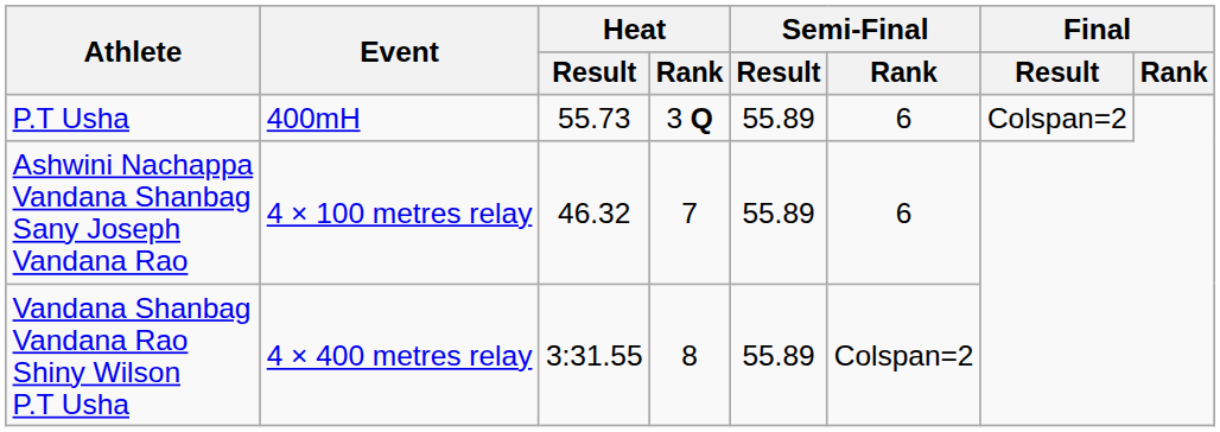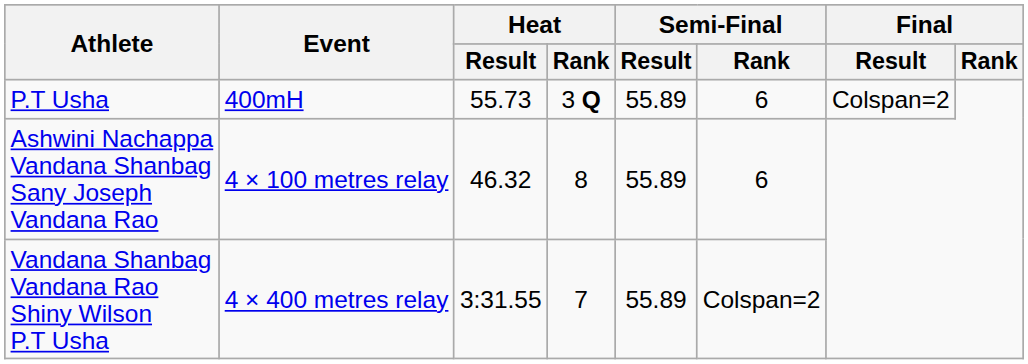 <table class="wikitable" style="font-size:90%">
 <tr>
 <th rowspan="2">Athlete</th>
 <th rowspan="2">Event</th>
 <th colspan="2">Heat</th>
 <th colspan="2">Semi-Final</th>
 <th colspan="2">Final</th>
 </tr>
 <tr style="font-size:95%">
 <th>Result</th>
 <th>Rank</th>
 <th>Result</th>
 <th>Rank</th>
 <th>Result</th>
 <th>Rank</th>
 </tr>
 <tr style="text-align:center">
 <td style="text-align:left"><a href='#'>P.T Usha</a></td>
 <td style="text-align:left"><a href='#'>400mH</a></td>
 <td>55.73</td>
 <td>3 <strong>Q</strong></td>
 <td>55.89</td>
 <td>6</td>
 <td>Colspan=2 </td>
 </tr>
 <tr style="text-align:center">
 <td style="text-align:left"><a href='#'>Ashwini Nachappa</a><br><a href='#'>Vandana Shanbag</a><br><a href='#'>Sany Joseph</a><br><a href='#'>Vandana Rao</a></td>
 <td style="text-align:left"><a href='#'>4 × 100 metres relay</a></td>
 <td>46.32</td>
-<td>7</td>
+<td>8</td>
 <td>55.89</td>
 <td>6</td>
 </tr>
 <tr style="text-align:center">
 <td style="text-align:left"><a href='#'>Vandana Shanbag</a><br><a href='#'>Vandana Rao</a><br><a href='#'>Shiny Wilson</a><br><a href='#'>P.T Usha</a></td>
 <td style="text-align:left"><a href='#'>4 × 400 metres relay</a></td>
 <td>3:31.55</td>
-<td>8</td>
+<td>7</td>
 <td>55.89</td>
 <td>Colspan=2 </td>
 </tr>
 </table>
